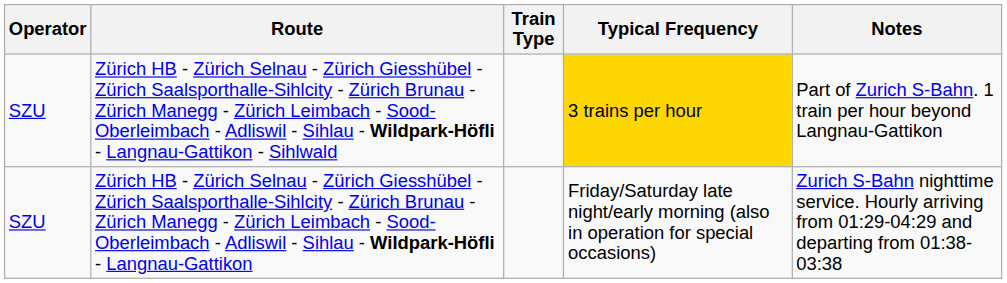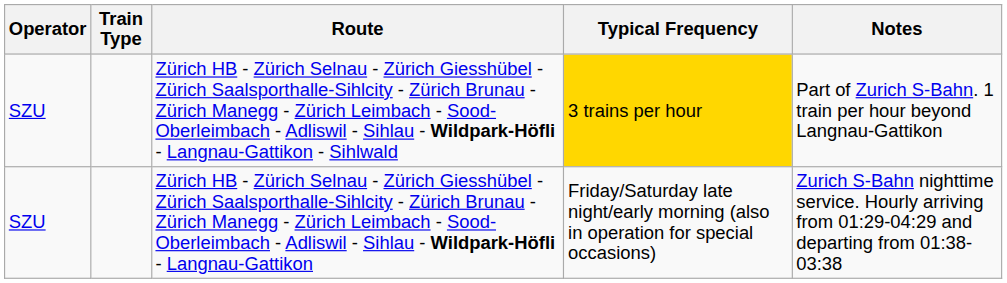 <table class="wikitable vatop">
 <tr>
 <th>Operator</th>
+<th>Train Type</th>
 <th>Route</th>
-<th>Train Type</th>
 <th>Typical Frequency</th>
 <th>Notes</th>
 </tr>
 <tr>
 <td><a href='#'>SZU</a></td>
+<td></td>
 <td><a href='#'>Zürich HB</a> - <a href='#'>Zürich Selnau</a> - <a href='#'>Zürich Giesshübel</a> - <a href='#'>Zürich Saalsporthalle-Sihlcity</a> - <a href='#'>Zürich Brunau</a> - <a href='#'>Zürich Manegg</a> - <a href='#'>Zürich Leimbach</a> - <a href='#'>Sood-Oberleimbach</a> - <a href='#'>Adliswil</a> - <a href='#'>Sihlau</a> - <strong>Wildpark-Höfli</strong> - <a href='#'>Langnau-Gattikon</a> - <a href='#'>Sihlwald</a></td>
-<td></td>
 <td style="background: gold;">3 trains per hour</td>
 <td>Part of <a href='#'>Zurich S-Bahn</a>. 1 train per hour beyond Langnau-Gattikon</td>
 </tr>
 <tr>
 <td><a href='#'>SZU</a></td>
+<td></td>
 <td><a href='#'>Zürich HB</a> - <a href='#'>Zürich Selnau</a> - <a href='#'>Zürich Giesshübel</a> - <a href='#'>Zürich Saalsporthalle-Sihlcity</a> - <a href='#'>Zürich Brunau</a> - <a href='#'>Zürich Manegg</a> - <a href='#'>Zürich Leimbach</a> - <a href='#'>Sood-Oberleimbach</a> - <a href='#'>Adliswil</a> - <a href='#'>Sihlau</a> - <strong>Wildpark-Höfli</strong> - <a href='#'>Langnau-Gattikon</a></td>
-<td></td>
 <td>Friday/Saturday late night/early morning (also in operation for special occasions)</td>
 <td><a href='#'>Zurich S-Bahn</a> nighttime service. Hourly arriving from 01:29-04:29 and departing from 01:38-03:38</td>
 </tr>
 </table>
